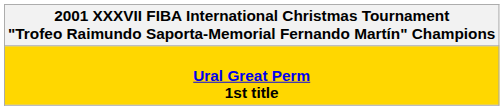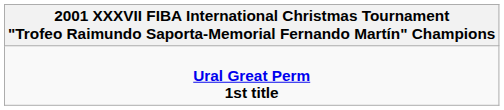 <table class=wikitable style="text-align:center; margin:auto">
 <tr>
 <th>2001 XXXVII FIBA International Christmas Tournament<br>"Trofeo Raimundo Saporta-Memorial Fernando Martín" Champions</th>
 </tr>
 <tr>
-<td style="background: gold;"><br> <strong><a href='#'>Ural Great Perm</a></strong> <br> <strong>1st title</strong></td>
+<td><br> <strong><a href='#'>Ural Great Perm</a></strong> <br> <strong>1st title</strong></td>
 </tr>
 </table>
